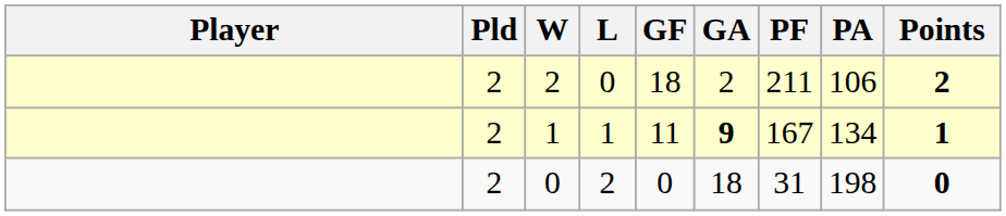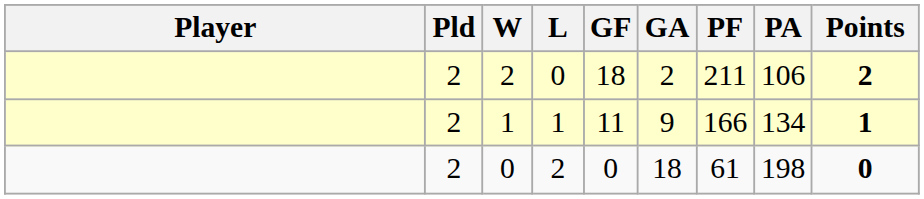 <table class="wikitable" style="text-align:center;">
 <tr>
 <th width=220>Player</th>
 <th width=20>Pld</th>
 <th width=20>W</th>
 <th width=20>L</th>
 <th width=20>GF</th>
 <th width=20>GA</th>
 <th width=20>PF</th>
 <th width=20>PA</th>
 <th width=50>Points</th>
 </tr>
 <tr style="background:#ffffcc;">
 <td style="text-align:left;"></td>
 <td>2</td>
 <td>2</td>
 <td>0</td>
 <td>18</td>
 <td>2</td>
 <td>211</td>
 <td>106</td>
 <td><strong>2</strong></td>
 </tr>
 <tr style="background:#ffffcc;">
 <td style="text-align:left;"></td>
 <td>2</td>
 <td>1</td>
 <td>1</td>
 <td>11</td>
-<td><strong>9</strong></td>
-<td>167</td>
+<td>9</td>
+<td>166</td>
 <td>134</td>
 <td><strong>1</strong></td>
 </tr>
 <tr>
 <td style="text-align:left;"></td>
 <td>2</td>
 <td>0</td>
 <td>2</td>
 <td>0</td>
 <td>18</td>
-<td>31</td>
+<td>61</td>
 <td>198</td>
 <td><strong>0</strong></td>
 </tr>
 </table>
